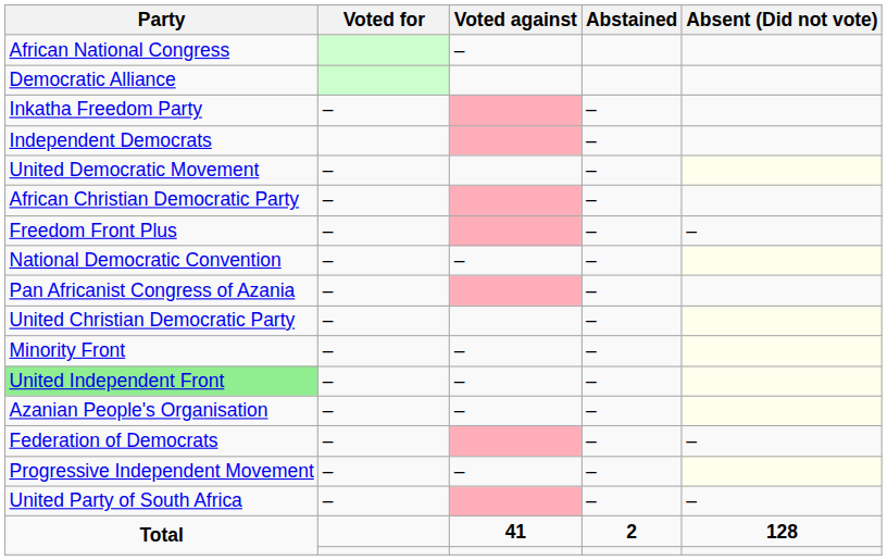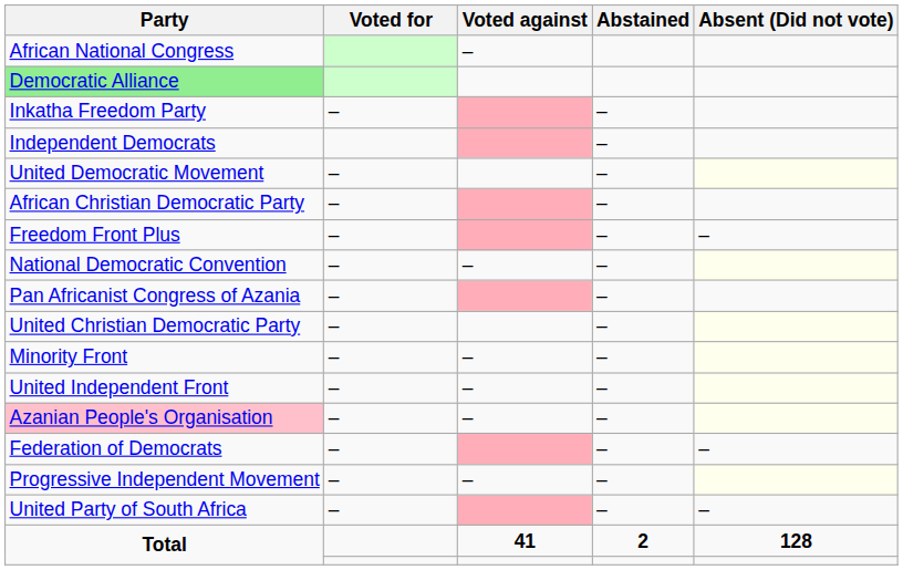 <table class="wikitable">
 <tr>
 <th>Party</th>
 <th style="width:15%;">Voted for</th>
 <th>Voted against</th>
 <th>Abstained</th>
 <th>Absent (Did not vote)</th>
 </tr>
 <tr>
 <td> <a href='#'>African National Congress</a></td>
 <td style="background-color:#CCFFCC;"></td>
 <td>–</td>
 <td></td>
 <td></td>
 </tr>
 <tr>
-<td> <a href='#'>Democratic Alliance</a></td>
+<td style="background: lightgreen;"> <a href='#'>Democratic Alliance</a></td>
 <td style="background-color:#CCFFCC;"></td>
 <td></td>
 <td></td>
 <td></td>
 </tr>
 <tr>
 <td> <a href='#'>Inkatha Freedom Party</a></td>
 <td>–</td>
 <td style="background-color:#FFAEB9;"></td>
 <td>–</td>
 <td></td>
 </tr>
 <tr>
 <td> <a href='#'>Independent Democrats</a></td>
 <td></td>
 <td style="background-color:#FFAEB9;"></td>
 <td>–</td>
 <td></td>
 </tr>
 <tr>
 <td> <a href='#'>United Democratic Movement</a></td>
 <td>–</td>
 <td></td>
 <td>–</td>
 <td style="background-color:#FFE;"></td>
 </tr>
 <tr>
 <td> <a href='#'>African Christian Democratic Party</a></td>
 <td>–</td>
 <td style="background-color:#FFAEB9;"></td>
 <td>–</td>
 <td></td>
 </tr>
 <tr>
 <td> <a href='#'>Freedom Front Plus</a></td>
 <td>–</td>
 <td style="background-color:#FFAEB9;"></td>
 <td>–</td>
 <td>–</td>
 </tr>
 <tr>
 <td> <a href='#'>National Democratic Convention</a></td>
 <td>–</td>
 <td>–</td>
 <td>–</td>
 <td style="background-color:#FFE;"></td>
 </tr>
 <tr>
 <td> <a href='#'>Pan Africanist Congress of Azania</a></td>
 <td>–</td>
 <td style="background-color:#FFAEB9;"></td>
 <td>–</td>
 <td></td>
 </tr>
 <tr>
 <td> <a href='#'>United Christian Democratic Party</a></td>
 <td>–</td>
 <td></td>
 <td>–</td>
 <td style="background-color:#FFE;"></td>
 </tr>
 <tr>
 <td> <a href='#'>Minority Front</a></td>
 <td>–</td>
 <td>–</td>
 <td>–</td>
 <td style="background-color:#FFE;"></td>
 </tr>
 <tr>
-<td style="background: lightgreen;"> <a href='#'>United Independent Front</a></td>
+<td> <a href='#'>United Independent Front</a></td>
 <td>–</td>
 <td>–</td>
 <td>–</td>
 <td style="background-color:#FFE;"></td>
 </tr>
 <tr>
-<td> <a href='#'>Azanian People's Organisation</a></td>
+<td style="background: pink;"> <a href='#'>Azanian People's Organisation</a></td>
 <td>–</td>
 <td>–</td>
 <td>–</td>
 <td style="background-color:#FFE;"></td>
 </tr>
 <tr>
 <td> <a href='#'>Federation of Democrats</a></td>
 <td>–</td>
 <td style="background-color:#FFAEB9;"></td>
 <td>–</td>
 <td>–</td>
 </tr>
 <tr>
 <td> <a href='#'>Progressive Independent Movement</a></td>
 <td>–</td>
 <td>–</td>
 <td>–</td>
 <td style="background-color:#FFE;"></td>
 </tr>
 <tr>
 <td> <a href='#'>United Party of South Africa</a></td>
 <td>–</td>
 <td style="background-color:#FFAEB9;"></td>
 <td>–</td>
 <td>–</td>
 </tr>
 <tr>
 <td style="text-align:center;" rowspan="2"><strong>Total</strong></td>
 <td></td>
 <td style="text-align:center;"><strong>41</strong></td>
 <td style="text-align:center;"><strong>2</strong></td>
 <td style="text-align:center;"><strong>128</strong></td>
 </tr>
 <tr>
 <td style="text-align:center;"></td>
 <td style="text-align:center;"></td>
 <td style="text-align:center;"></td>
 <td style="text-align:center;"></td>
 </tr>
 </table>
